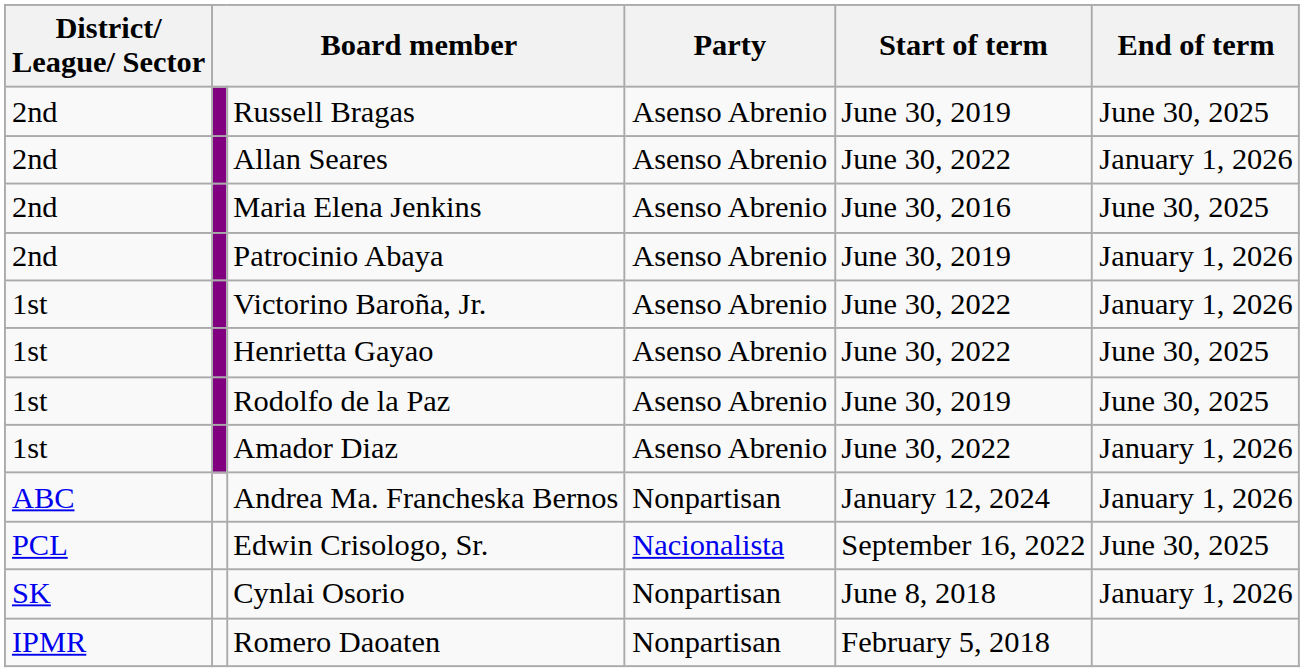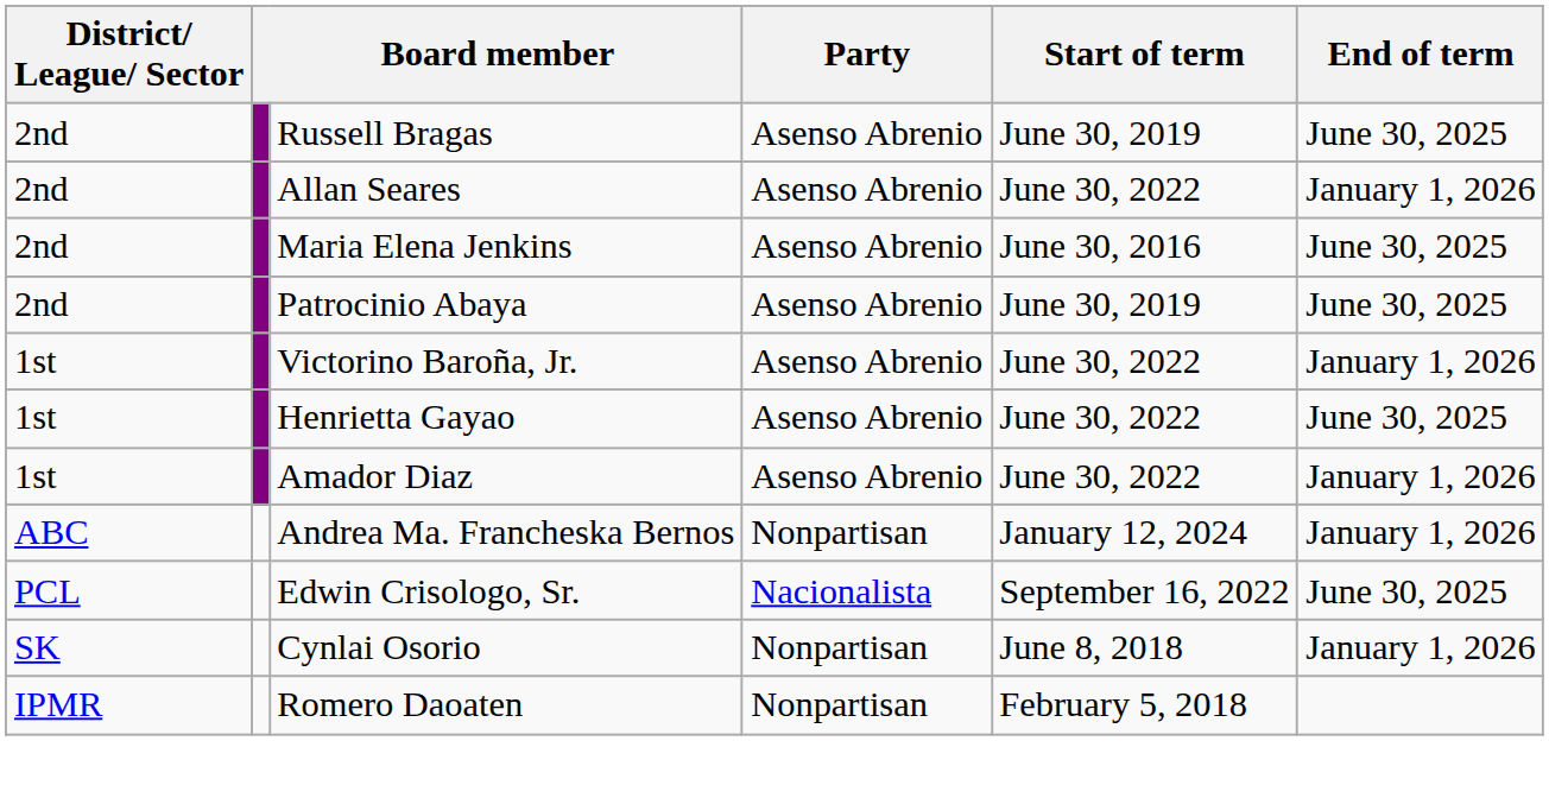 <table class="wikitable">
 <tr>
 <th>District/<br>League/ Sector</th>
 <th colspan="2">Board member</th>
 <th>Party</th>
 <th>Start of term</th>
 <th>End of term</th>
 </tr>
 <tr>
 <td>2nd</td>
 <td bgcolor=#800080></td>
 <td>Russell Bragas</td>
 <td>Asenso Abrenio</td>
 <td>June 30, 2019</td>
 <td>June 30, 2025</td>
 </tr>
 <tr>
 <td>2nd</td>
 <td bgcolor=#800080></td>
 <td>Allan Seares</td>
 <td>Asenso Abrenio</td>
 <td>June 30, 2022</td>
 <td>January 1, 2026</td>
 </tr>
 <tr>
 <td>2nd</td>
 <td bgcolor=#800080></td>
 <td>Maria Elena Jenkins</td>
 <td>Asenso Abrenio</td>
 <td>June 30, 2016</td>
 <td>June 30, 2025</td>
 </tr>
 <tr>
 <td>2nd</td>
 <td bgcolor=#800080></td>
 <td>Patrocinio Abaya</td>
 <td>Asenso Abrenio</td>
 <td>June 30, 2019</td>
-<td>January 1, 2026</td>
+<td>June 30, 2025</td>
 </tr>
 <tr>
 <td>1st</td>
 <td bgcolor=#800080></td>
 <td>Victorino Baroña, Jr.</td>
 <td>Asenso Abrenio</td>
 <td>June 30, 2022</td>
 <td>January 1, 2026</td>
 </tr>
 <tr>
 <td>1st</td>
 <td bgcolor=#800080></td>
 <td>Henrietta Gayao</td>
 <td>Asenso Abrenio</td>
 <td>June 30, 2022</td>
-<td>June 30, 2025</td>
-</tr>
-<tr>
-<td>1st</td>
-<td bgcolor=#800080></td>
-<td>Rodolfo de la Paz</td>
-<td>Asenso Abrenio</td>
-<td>June 30, 2019</td>
 <td>June 30, 2025</td>
 </tr>
 <tr>
 <td>1st</td>
 <td bgcolor=#800080></td>
 <td>Amador Diaz</td>
 <td>Asenso Abrenio</td>
 <td>June 30, 2022</td>
 <td>January 1, 2026</td>
 </tr>
 <tr>
 <td><a href='#'>ABC</a></td>
 <td></td>
 <td>Andrea Ma. Francheska Bernos</td>
 <td>Nonpartisan</td>
 <td>January 12, 2024</td>
 <td>January 1, 2026</td>
 </tr>
 <tr>
 <td><a href='#'>PCL</a></td>
 <td></td>
 <td>Edwin Crisologo, Sr.</td>
 <td><a href='#'>Nacionalista</a></td>
 <td>September 16, 2022</td>
 <td>June 30, 2025</td>
 </tr>
 <tr>
 <td><a href='#'>SK</a></td>
 <td></td>
 <td>Cynlai Osorio</td>
 <td>Nonpartisan</td>
 <td>June 8, 2018</td>
 <td>January 1, 2026</td>
 </tr>
 <tr>
 <td><a href='#'>IPMR</a></td>
 <td></td>
 <td>Romero Daoaten</td>
 <td>Nonpartisan</td>
 <td>February 5, 2018</td>
 <td></td>
 </tr>
 </table>
